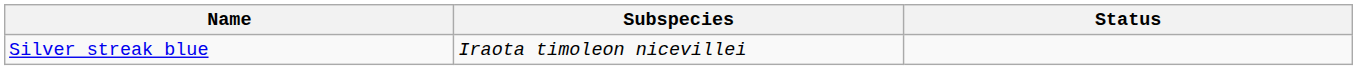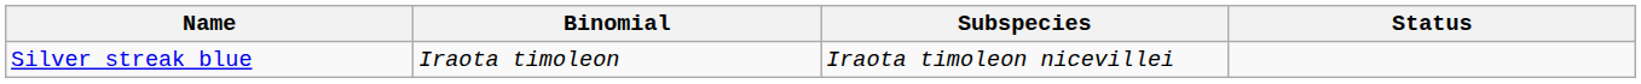 <table width=60% class="wikitable">
 <tr>
 <th width=20%>Name</th>
+<th width=20%>Binomial</th>
 <th width=20%>Subspecies</th>
 <th width=20%>Status</th>
 </tr>
 <tr>
 <td><a href='#'>Silver streak blue</a><br> </td>
+<td><em>Iraota timoleon</em></td>
 <td><em>Iraota timoleon nicevillei</em></td>
 <td></td>
 </tr>
 </table>
